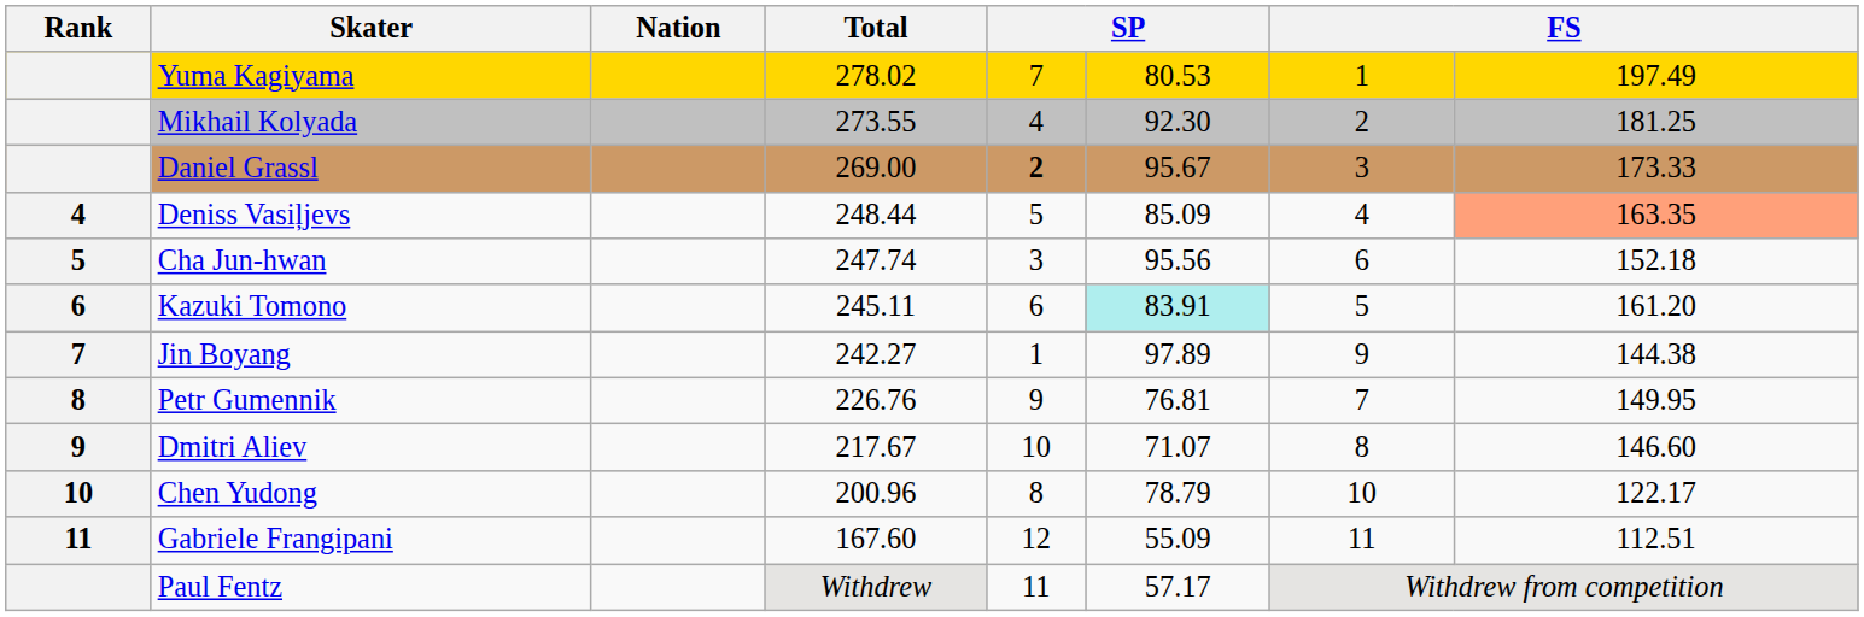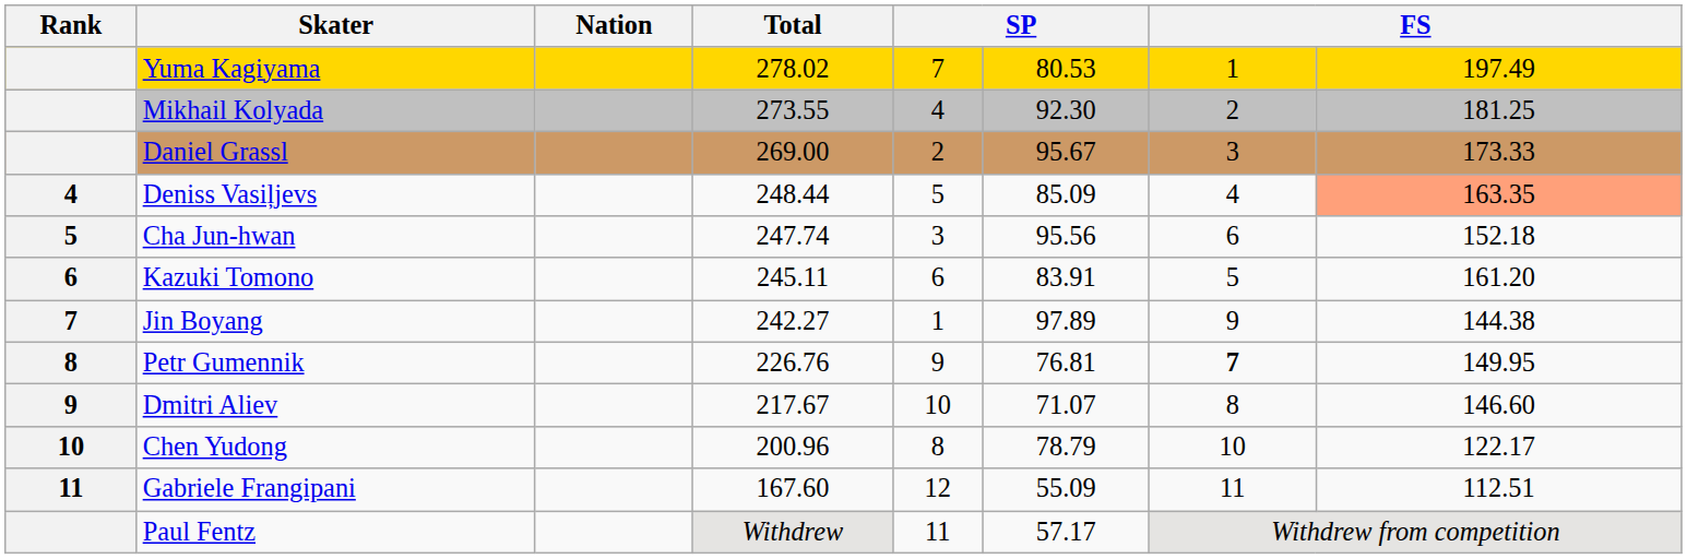 <table class="wikitable sortable" style="text-align:left; width:80%">
 <tr>
 <th scope="col">Rank</th>
 <th scope="col">Skater</th>
 <th scope="col">Nation</th>
 <th scope="col">Total</th>
 <th scope="col" colspan="2" width="80px"><a href='#'>SP</a></th>
 <th scope="col" colspan="2" width="80px"><a href='#'>FS</a></th>
 </tr>
 <tr bgcolor="gold">
 <th scope="row"></th>
 <td><a href='#'>Yuma Kagiyama</a></td>
 <td></td>
 <td align="center">278.02</td>
 <td align="center">7</td>
 <td align="center">80.53</td>
 <td align="center">1</td>
 <td align="center">197.49</td>
 </tr>
 <tr bgcolor="silver">
 <th scope="row"></th>
 <td><a href='#'>Mikhail Kolyada</a></td>
 <td></td>
 <td align="center">273.55</td>
 <td align="center">4</td>
 <td align="center">92.30</td>
 <td align="center">2</td>
 <td align="center">181.25</td>
 </tr>
 <tr bgcolor="cc9966">
 <th scope="row"></th>
 <td><a href='#'>Daniel Grassl</a></td>
 <td></td>
 <td align="center">269.00</td>
-<td align="center"><strong>2</strong></td>
+<td align="center">2</td>
 <td align="center">95.67</td>
 <td align="center">3</td>
 <td align="center">173.33</td>
 </tr>
 <tr>
 <th scope="row">4</th>
 <td><a href='#'>Deniss Vasiļjevs</a></td>
 <td></td>
 <td align="center">248.44</td>
 <td align="center">5</td>
 <td align="center">85.09</td>
 <td align="center">4</td>
 <td align="center" style="background: lightsalmon;">163.35</td>
 </tr>
 <tr>
 <th scope="row">5</th>
 <td><a href='#'>Cha Jun-hwan</a></td>
 <td></td>
 <td align="center">247.74</td>
 <td align="center">3</td>
 <td align="center">95.56</td>
 <td align="center">6</td>
 <td align="center">152.18</td>
 </tr>
 <tr>
 <th scope="row">6</th>
 <td><a href='#'>Kazuki Tomono</a></td>
 <td></td>
 <td align="center">245.11</td>
 <td align="center">6</td>
-<td align="center" style="background: paleturquoise;">83.91</td>
+<td align="center">83.91</td>
 <td align="center">5</td>
 <td align="center">161.20</td>
 </tr>
 <tr>
 <th scope="row">7</th>
 <td><a href='#'>Jin Boyang</a></td>
 <td></td>
 <td align="center">242.27</td>
 <td align="center">1</td>
 <td align="center">97.89</td>
 <td align="center">9</td>
 <td align="center">144.38</td>
 </tr>
 <tr>
 <th scope="row">8</th>
 <td><a href='#'>Petr Gumennik</a></td>
 <td></td>
 <td align="center">226.76</td>
 <td align="center">9</td>
 <td align="center">76.81</td>
-<td align="center">7</td>
+<td align="center"><strong>7</strong></td>
 <td align="center">149.95</td>
 </tr>
 <tr>
 <th scope="row">9</th>
 <td><a href='#'>Dmitri Aliev</a></td>
 <td></td>
 <td align="center">217.67</td>
 <td align="center">10</td>
 <td align="center">71.07</td>
 <td align="center">8</td>
 <td align="center">146.60</td>
 </tr>
 <tr>
 <th scope="row">10</th>
 <td><a href='#'>Chen Yudong</a></td>
 <td></td>
 <td align="center">200.96</td>
 <td align="center">8</td>
 <td align="center">78.79</td>
 <td align="center">10</td>
 <td align="center">122.17</td>
 </tr>
 <tr>
 <th scope="row">11</th>
 <td><a href='#'>Gabriele Frangipani</a></td>
 <td></td>
 <td align="center">167.60</td>
 <td align="center">12</td>
 <td align="center">55.09</td>
 <td align="center">11</td>
 <td align="center">112.51</td>
 </tr>
 <tr>
 <th scope="row"></th>
 <td><a href='#'>Paul Fentz</a></td>
 <td></td>
 <td bgcolor="e5e4e2" align="center"><em>Withdrew</em></td>
 <td align="center">11</td>
 <td align="center">57.17</td>
 <td colspan="2" bgcolor="e5e4e2" align="center"><em>Withdrew from competition</em></td>
 </tr>
 </table>
